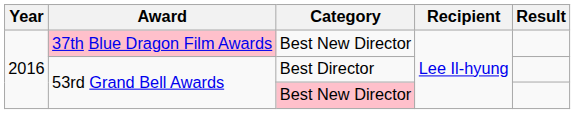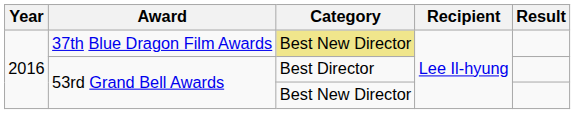 <table class="wikitable">
 <tr>
 <th>Year</th>
 <th>Award</th>
 <th>Category</th>
 <th>Recipient</th>
 <th>Result</th>
 </tr>
 <tr>
 <td rowspan=3>2016</td>
-<td style="background: pink;"><a href='#'>37th</a> <a href='#'>Blue Dragon Film Awards</a></td>
-<td>Best New Director</td>
+<td><a href='#'>37th</a> <a href='#'>Blue Dragon Film Awards</a></td>
+<td style="background: khaki;">Best New Director</td>
 <td rowspan=3><a href='#'>Lee Il-hyung</a></td>
 <td></td>
 </tr>
 <tr>
 <td rowspan=2>53rd <a href='#'>Grand Bell Awards</a></td>
 <td>Best Director</td>
 <td></td>
 </tr>
 <tr>
-<td style="background: pink;">Best New Director</td>
+<td>Best New Director</td>
 <td></td>
 </tr>
 </table>
